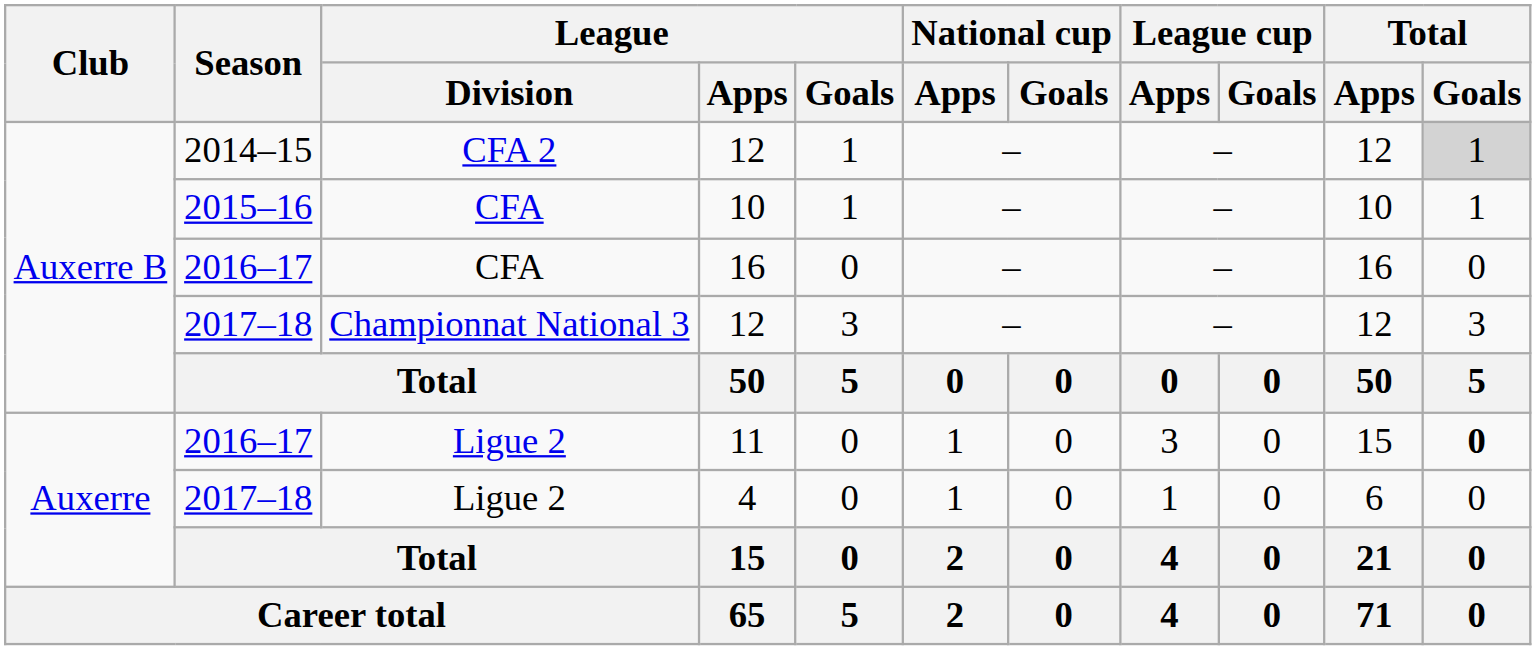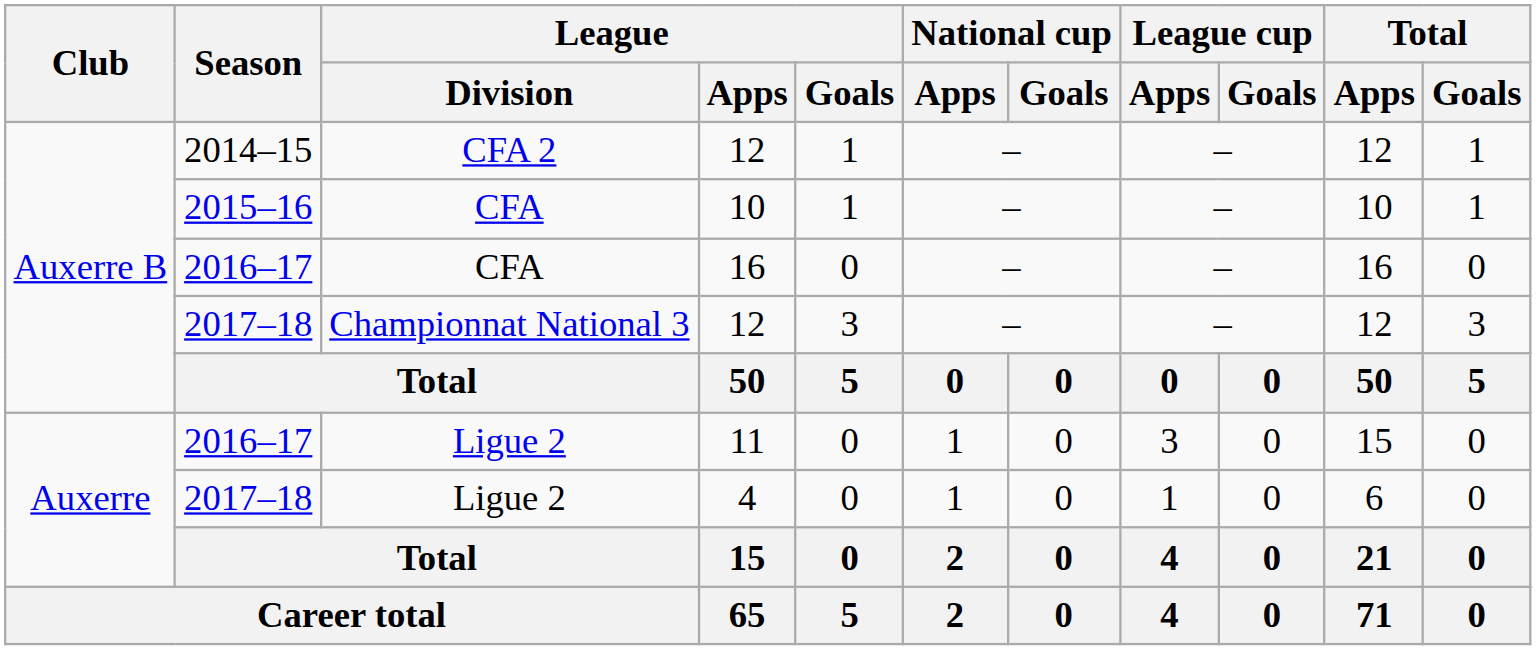 <table class="wikitable" style="text-align:center">
 <tr>
 <th rowspan="2">Club</th>
 <th rowspan="2">Season</th>
 <th colspan="3">League</th>
 <th colspan="2">National cup</th>
 <th colspan="2">League cup</th>
 <th colspan="2">Total</th>
 </tr>
 <tr>
 <th>Division</th>
 <th>Apps</th>
 <th>Goals</th>
 <th>Apps</th>
 <th>Goals</th>
 <th>Apps</th>
 <th>Goals</th>
 <th>Apps</th>
 <th>Goals</th>
 </tr>
 <tr>
 <td rowspan="5"><a href='#'>Auxerre B</a></td>
 <td>2014–15</td>
 <td><a href='#'>CFA 2</a></td>
 <td>12</td>
 <td>1</td>
 <td colspan="2">–</td>
 <td colspan="2">–</td>
 <td>12</td>
-<td style="background: lightgrey;">1</td>
+<td>1</td>
 </tr>
 <tr>
 <td><a href='#'>2015–16</a></td>
 <td><a href='#'>CFA</a></td>
 <td>10</td>
 <td>1</td>
 <td colspan="2">–</td>
 <td colspan="2">–</td>
 <td>10</td>
 <td>1</td>
 </tr>
 <tr>
 <td><a href='#'>2016–17</a></td>
 <td>CFA</td>
 <td>16</td>
 <td>0</td>
 <td colspan="2">–</td>
 <td colspan="2">–</td>
 <td>16</td>
 <td>0</td>
 </tr>
 <tr>
 <td><a href='#'>2017–18</a></td>
 <td><a href='#'>Championnat National 3</a></td>
 <td>12</td>
 <td>3</td>
 <td colspan="2">–</td>
 <td colspan="2">–</td>
 <td>12</td>
 <td>3</td>
 </tr>
 <tr>
 <th colspan="2">Total</th>
 <th>50</th>
 <th>5</th>
 <th>0</th>
 <th>0</th>
 <th>0</th>
 <th>0</th>
 <th>50</th>
 <th>5</th>
 </tr>
 <tr>
 <td rowspan="3"><a href='#'>Auxerre</a></td>
 <td><a href='#'>2016–17</a></td>
 <td><a href='#'>Ligue 2</a></td>
 <td>11</td>
 <td>0</td>
 <td>1</td>
 <td>0</td>
 <td>3</td>
 <td>0</td>
 <td>15</td>
-<td><strong>0</strong></td>
+<td>0</td>
 </tr>
 <tr>
 <td><a href='#'>2017–18</a></td>
 <td>Ligue 2</td>
 <td>4</td>
 <td>0</td>
 <td>1</td>
 <td>0</td>
 <td>1</td>
 <td>0</td>
 <td>6</td>
 <td>0</td>
 </tr>
 <tr>
 <th colspan="2">Total</th>
 <th>15</th>
 <th>0</th>
 <th>2</th>
 <th>0</th>
 <th>4</th>
 <th>0</th>
 <th>21</th>
 <th>0</th>
 </tr>
 <tr>
 <th colspan="3">Career total</th>
 <th>65</th>
 <th>5</th>
 <th>2</th>
 <th>0</th>
 <th>4</th>
 <th>0</th>
 <th>71</th>
 <th>0</th>
 </tr>
 </table>
